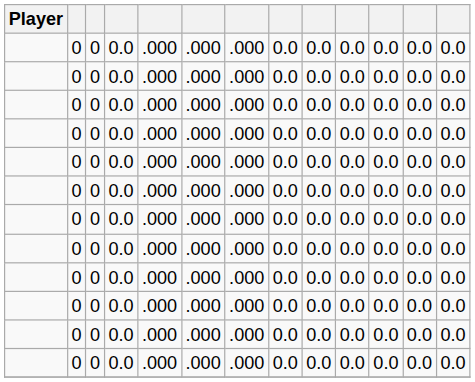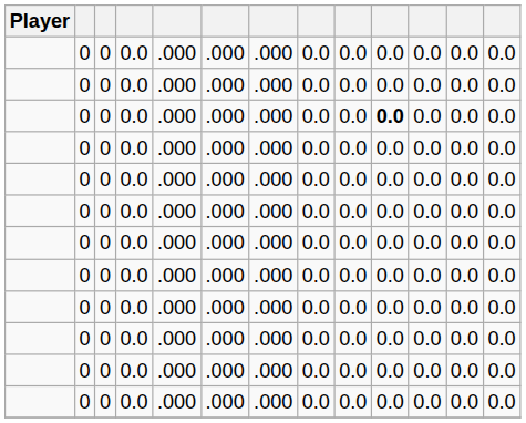 <table class="wikitable sortable" style="font-size:95%; text-align:right;">
 <tr>
 <th>Player</th>
 <th></th>
 <th></th>
 <th></th>
 <th></th>
 <th></th>
 <th></th>
 <th></th>
 <th></th>
 <th></th>
 <th></th>
 <th></th>
 <th></th>
 </tr>
 <tr>
 <td><strong></strong></td>
 <td>0</td>
 <td>0</td>
 <td>0.0</td>
 <td>.000</td>
 <td>.000</td>
 <td>.000</td>
 <td>0.0</td>
 <td>0.0</td>
 <td>0.0</td>
 <td>0.0</td>
 <td>0.0</td>
 <td>0.0</td>
 </tr>
 <tr>
 <td><strong></strong></td>
 <td>0</td>
 <td>0</td>
 <td>0.0</td>
 <td>.000</td>
 <td>.000</td>
 <td>.000</td>
 <td>0.0</td>
 <td>0.0</td>
 <td>0.0</td>
 <td>0.0</td>
 <td>0.0</td>
 <td>0.0</td>
 </tr>
 <tr>
 <td><strong></strong></td>
 <td>0</td>
 <td>0</td>
 <td>0.0</td>
 <td>.000</td>
 <td>.000</td>
 <td>.000</td>
 <td>0.0</td>
 <td>0.0</td>
-<td>0.0</td>
+<td><strong>0.0</strong></td>
 <td>0.0</td>
 <td>0.0</td>
 <td>0.0</td>
 </tr>
 <tr>
 <td><strong></strong></td>
 <td>0</td>
 <td>0</td>
 <td>0.0</td>
 <td>.000</td>
 <td>.000</td>
 <td>.000</td>
 <td>0.0</td>
 <td>0.0</td>
 <td>0.0</td>
 <td>0.0</td>
 <td>0.0</td>
 <td>0.0</td>
 </tr>
 <tr>
 <td><strong></strong></td>
 <td>0</td>
 <td>0</td>
 <td>0.0</td>
 <td>.000</td>
 <td>.000</td>
 <td>.000</td>
 <td>0.0</td>
 <td>0.0</td>
 <td>0.0</td>
 <td>0.0</td>
 <td>0.0</td>
 <td>0.0</td>
 </tr>
 <tr>
 <td><strong></strong></td>
 <td>0</td>
 <td>0</td>
 <td>0.0</td>
 <td>.000</td>
 <td>.000</td>
 <td>.000</td>
 <td>0.0</td>
 <td>0.0</td>
 <td>0.0</td>
 <td>0.0</td>
 <td>0.0</td>
 <td>0.0</td>
 </tr>
 <tr>
 <td><strong></strong></td>
 <td>0</td>
 <td>0</td>
 <td>0.0</td>
 <td>.000</td>
 <td>.000</td>
 <td>.000</td>
 <td>0.0</td>
 <td>0.0</td>
 <td>0.0</td>
 <td>0.0</td>
 <td>0.0</td>
 <td>0.0</td>
 </tr>
 <tr>
 <td><strong></strong></td>
 <td>0</td>
 <td>0</td>
 <td>0.0</td>
 <td>.000</td>
 <td>.000</td>
 <td>.000</td>
 <td>0.0</td>
 <td>0.0</td>
 <td>0.0</td>
 <td>0.0</td>
 <td>0.0</td>
 <td>0.0</td>
 </tr>
 <tr>
 <td><strong></strong></td>
 <td>0</td>
 <td>0</td>
 <td>0.0</td>
 <td>.000</td>
 <td>.000</td>
 <td>.000</td>
 <td>0.0</td>
 <td>0.0</td>
 <td>0.0</td>
 <td>0.0</td>
 <td>0.0</td>
 <td>0.0</td>
 </tr>
 <tr>
 <td><strong></strong></td>
 <td>0</td>
 <td>0</td>
 <td>0.0</td>
 <td>.000</td>
 <td>.000</td>
 <td>.000</td>
 <td>0.0</td>
 <td>0.0</td>
 <td>0.0</td>
 <td>0.0</td>
 <td>0.0</td>
 <td>0.0</td>
 </tr>
 <tr>
 <td><strong></strong></td>
 <td>0</td>
 <td>0</td>
 <td>0.0</td>
 <td>.000</td>
 <td>.000</td>
 <td>.000</td>
 <td>0.0</td>
 <td>0.0</td>
 <td>0.0</td>
 <td>0.0</td>
 <td>0.0</td>
 <td>0.0</td>
 </tr>
 <tr>
 <td><strong></strong></td>
 <td>0</td>
 <td>0</td>
 <td>0.0</td>
 <td>.000</td>
 <td>.000</td>
 <td>.000</td>
 <td>0.0</td>
 <td>0.0</td>
 <td>0.0</td>
 <td>0.0</td>
 <td>0.0</td>
 <td>0.0</td>
 </tr>
 <tr>
 </tr>
 </table>
